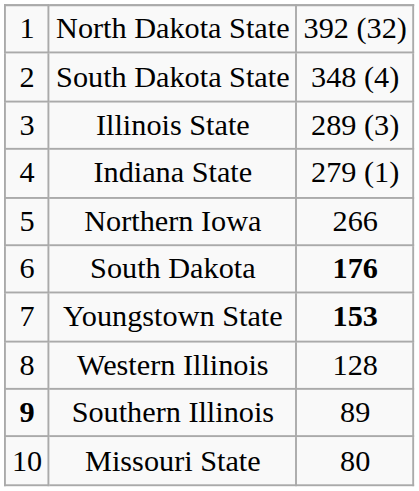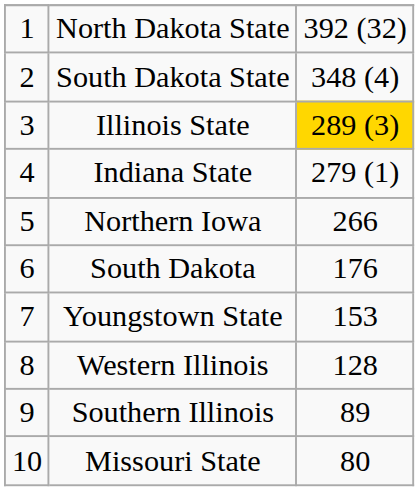 <table class="wikitable" style="display: inline-table;">
 <tr align="center">
 </tr>
 <tr align="center">
 <td>1</td>
 <td>North Dakota State</td>
 <td>392 (32)</td>
 </tr>
 <tr align="center">
 <td>2</td>
 <td>South Dakota State</td>
 <td>348 (4)</td>
 </tr>
 <tr align="center">
 <td>3</td>
 <td>Illinois State</td>
-<td>289 (3)</td>
+<td style="background: gold;">289 (3)</td>
 </tr>
 <tr align="center">
 <td>4</td>
 <td>Indiana State</td>
 <td>279 (1)</td>
 </tr>
 <tr align="center">
 <td>5</td>
 <td>Northern Iowa</td>
 <td>266</td>
 </tr>
 <tr align="center">
 <td>6</td>
 <td>South Dakota</td>
-<td><strong>176</strong></td>
+<td>176</td>
 </tr>
 <tr align="center">
 <td>7</td>
 <td>Youngstown State</td>
-<td><strong>153</strong></td>
+<td>153</td>
 </tr>
 <tr align="center">
 <td>8</td>
 <td>Western Illinois</td>
 <td>128</td>
 </tr>
 <tr align="center">
-<td><strong>9</strong></td>
+<td>9</td>
 <td>Southern Illinois</td>
 <td>89</td>
 </tr>
 <tr align="center">
 <td>10</td>
 <td>Missouri State</td>
 <td>80</td>
 </tr>
 </table>
